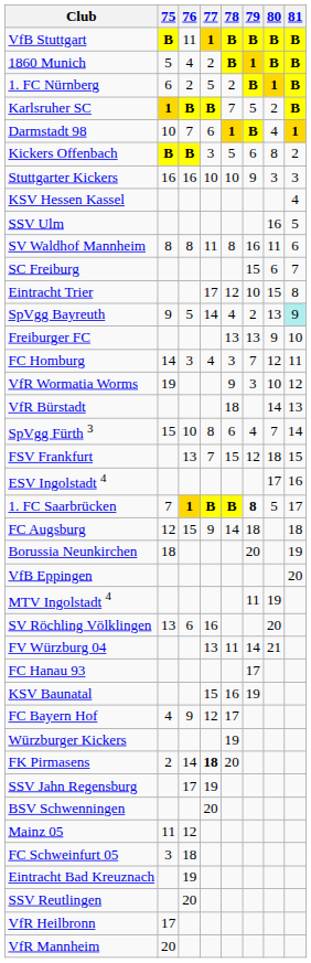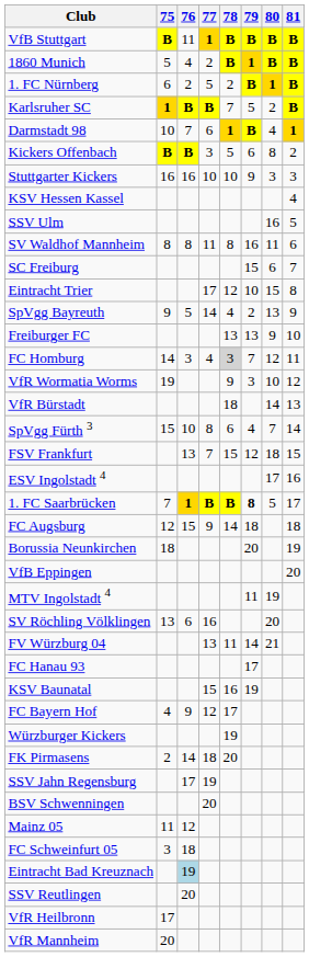 <table class="wikitable sortable">
 <tr>
 <th>Club</th>
 <th class="unsortable"><a href='#'>75</a></th>
 <th class="unsortable"><a href='#'>76</a></th>
 <th class="unsortable"><a href='#'>77</a></th>
 <th class="unsortable"><a href='#'>78</a></th>
 <th class="unsortable"><a href='#'>79</a></th>
 <th class="unsortable"><a href='#'>80</a></th>
 <th class="unsortable"><a href='#'>81</a></th>
 </tr>
 <tr align="center">
 <td align="left"><a href='#'>VfB Stuttgart</a></td>
 <td style="background:#FFFF00"><strong>B</strong></td>
 <td>11</td>
 <td style="background:gold"><strong>1</strong></td>
 <td style="background:#FFFF00"><strong>B</strong></td>
 <td style="background:#FFFF00"><strong>B</strong></td>
 <td style="background:#FFFF00"><strong>B</strong></td>
 <td style="background:#FFFF00"><strong>B</strong></td>
 </tr>
 <tr align="center">
 <td align="left"><a href='#'>1860 Munich</a></td>
 <td>5</td>
 <td>4</td>
 <td>2</td>
 <td style="background:#FFFF00"><strong>B</strong></td>
 <td style="background:gold"><strong>1</strong></td>
 <td style="background:#FFFF00"><strong>B</strong></td>
 <td style="background:#FFFF00"><strong>B</strong></td>
 </tr>
 <tr align="center">
 <td align="left"><a href='#'>1. FC Nürnberg</a></td>
 <td>6</td>
 <td>2</td>
 <td>5</td>
 <td>2</td>
 <td style="background:#FFFF00"><strong>B</strong></td>
 <td style="background:gold"><strong>1</strong></td>
 <td style="background:#FFFF00"><strong>B</strong></td>
 </tr>
 <tr align="center">
 <td align="left"><a href='#'>Karlsruher SC</a></td>
 <td style="background:gold"><strong>1</strong></td>
 <td style="background:#FFFF00"><strong>B</strong></td>
 <td style="background:#FFFF00"><strong>B</strong></td>
 <td>7</td>
 <td>5</td>
 <td>2</td>
 <td style="background:#FFFF00"><strong>B</strong></td>
 </tr>
 <tr align="center">
 <td align="left"><a href='#'>Darmstadt 98</a></td>
 <td>10</td>
 <td>7</td>
 <td>6</td>
 <td style="background:gold"><strong>1</strong></td>
 <td style="background:#FFFF00"><strong>B</strong></td>
 <td>4</td>
 <td style="background:gold"><strong>1</strong></td>
 </tr>
 <tr align="center">
 <td align="left"><a href='#'>Kickers Offenbach</a></td>
 <td style="background:#FFFF00"><strong>B</strong></td>
 <td style="background:#FFFF00"><strong>B</strong></td>
 <td>3</td>
 <td>5</td>
 <td>6</td>
 <td>8</td>
 <td>2</td>
 </tr>
 <tr align="center">
 <td align="left"><a href='#'>Stuttgarter Kickers</a></td>
 <td>16</td>
 <td>16</td>
 <td>10</td>
 <td>10</td>
 <td>9</td>
 <td>3</td>
 <td>3</td>
 </tr>
 <tr align="center">
 <td align="left"><a href='#'>KSV Hessen Kassel</a></td>
 <td></td>
 <td></td>
 <td></td>
 <td></td>
 <td></td>
 <td></td>
 <td>4</td>
 </tr>
 <tr align="center">
 <td align="left"><a href='#'>SSV Ulm</a></td>
 <td></td>
 <td></td>
 <td></td>
 <td></td>
 <td></td>
 <td>16</td>
 <td>5</td>
 </tr>
 <tr align="center">
 <td align="left"><a href='#'>SV Waldhof Mannheim</a></td>
 <td>8</td>
 <td>8</td>
 <td>11</td>
 <td>8</td>
 <td>16</td>
 <td>11</td>
 <td>6</td>
 </tr>
 <tr align="center">
 <td align="left"><a href='#'>SC Freiburg</a></td>
 <td></td>
 <td></td>
 <td></td>
 <td></td>
 <td>15</td>
 <td>6</td>
 <td>7</td>
 </tr>
 <tr align="center">
 <td align="left"><a href='#'>Eintracht Trier</a></td>
 <td></td>
 <td></td>
 <td>17</td>
 <td>12</td>
 <td>10</td>
 <td>15</td>
 <td>8</td>
 </tr>
 <tr align="center">
 <td align="left"><a href='#'>SpVgg Bayreuth</a></td>
 <td>9</td>
 <td>5</td>
 <td>14</td>
 <td>4</td>
 <td>2</td>
 <td>13</td>
-<td style="background: paleturquoise;">9</td>
+<td>9</td>
 </tr>
 <tr align="center">
 <td align="left"><a href='#'>Freiburger FC</a></td>
 <td></td>
 <td></td>
 <td></td>
 <td>13</td>
 <td>13</td>
 <td>9</td>
 <td>10</td>
 </tr>
 <tr align="center">
 <td align="left"><a href='#'>FC Homburg</a></td>
 <td>14</td>
 <td>3</td>
 <td>4</td>
-<td>3</td>
+<td style="background: lightgrey;">3</td>
 <td>7</td>
 <td>12</td>
 <td>11</td>
 </tr>
 <tr align="center">
 <td align="left"><a href='#'>VfR Wormatia Worms</a></td>
 <td>19</td>
 <td></td>
 <td></td>
 <td>9</td>
 <td>3</td>
 <td>10</td>
 <td>12</td>
 </tr>
 <tr align="center">
 <td align="left"><a href='#'>VfR Bürstadt</a></td>
 <td></td>
 <td></td>
 <td></td>
 <td>18</td>
 <td></td>
 <td>14</td>
 <td>13</td>
 </tr>
 <tr align="center">
 <td align="left"><a href='#'>SpVgg Fürth</a> <sup>3</sup></td>
 <td>15</td>
 <td>10</td>
 <td>8</td>
 <td>6</td>
 <td>4</td>
 <td>7</td>
 <td>14</td>
 </tr>
 <tr align="center">
 <td align="left"><a href='#'>FSV Frankfurt</a></td>
 <td></td>
 <td>13</td>
 <td>7</td>
 <td>15</td>
 <td>12</td>
 <td>18</td>
 <td>15</td>
 </tr>
 <tr align="center">
 <td align="left"><a href='#'>ESV Ingolstadt</a> <sup>4</sup></td>
 <td></td>
 <td></td>
 <td></td>
 <td></td>
 <td></td>
 <td>17</td>
 <td>16</td>
 </tr>
 <tr align="center">
 <td align="left"><a href='#'>1. FC Saarbrücken</a></td>
 <td>7</td>
 <td style="background:gold"><strong>1</strong></td>
 <td style="background:#FFFF00"><strong>B</strong></td>
 <td style="background:#FFFF00"><strong>B</strong></td>
 <td><strong>8</strong></td>
 <td>5</td>
 <td>17</td>
 </tr>
 <tr align="center">
 <td align="left"><a href='#'>FC Augsburg</a></td>
 <td>12</td>
 <td>15</td>
 <td>9</td>
 <td>14</td>
 <td>18</td>
 <td></td>
 <td>18</td>
 </tr>
 <tr align="center">
 <td align="left"><a href='#'>Borussia Neunkirchen</a></td>
 <td>18</td>
 <td></td>
 <td></td>
 <td></td>
 <td>20</td>
 <td></td>
 <td>19</td>
 </tr>
 <tr align="center">
 <td align="left"><a href='#'>VfB Eppingen</a></td>
 <td></td>
 <td></td>
 <td></td>
 <td></td>
 <td></td>
 <td></td>
 <td>20</td>
 </tr>
 <tr align="center">
 <td align="left"><a href='#'>MTV Ingolstadt</a> <sup>4</sup></td>
 <td></td>
 <td></td>
 <td></td>
 <td></td>
 <td>11</td>
 <td>19</td>
 <td></td>
 </tr>
 <tr align="center">
 <td align="left"><a href='#'>SV Röchling Völklingen</a></td>
 <td>13</td>
 <td>6</td>
 <td>16</td>
 <td></td>
 <td></td>
 <td>20</td>
 <td></td>
 </tr>
 <tr align="center">
 <td align="left"><a href='#'>FV Würzburg 04</a></td>
 <td></td>
 <td></td>
 <td>13</td>
 <td>11</td>
 <td>14</td>
 <td>21</td>
 <td></td>
 </tr>
 <tr align="center">
 <td align="left"><a href='#'>FC Hanau 93</a></td>
 <td></td>
 <td></td>
 <td></td>
 <td></td>
 <td>17</td>
 <td></td>
 <td></td>
 </tr>
 <tr align="center">
 <td align="left"><a href='#'>KSV Baunatal</a></td>
 <td></td>
 <td></td>
 <td>15</td>
 <td>16</td>
 <td>19</td>
 <td></td>
 <td></td>
 </tr>
 <tr align="center">
 <td align="left"><a href='#'>FC Bayern Hof</a></td>
 <td>4</td>
 <td>9</td>
 <td>12</td>
 <td>17</td>
 <td></td>
 <td></td>
 <td></td>
 </tr>
 <tr align="center">
 <td align="left"><a href='#'>Würzburger Kickers</a></td>
 <td></td>
 <td></td>
 <td></td>
 <td>19</td>
 <td></td>
 <td></td>
 <td></td>
 </tr>
 <tr align="center">
 <td align="left"><a href='#'>FK Pirmasens</a></td>
 <td>2</td>
 <td>14</td>
-<td><strong>18</strong></td>
+<td>18</td>
 <td>20</td>
 <td></td>
 <td></td>
 <td></td>
 </tr>
 <tr align="center">
 <td align="left"><a href='#'>SSV Jahn Regensburg</a></td>
 <td></td>
 <td>17</td>
 <td>19</td>
 <td></td>
 <td></td>
 <td></td>
 <td></td>
 </tr>
 <tr align="center">
 <td align="left"><a href='#'>BSV Schwenningen</a></td>
 <td></td>
 <td></td>
 <td>20</td>
 <td></td>
 <td></td>
 <td></td>
 <td></td>
 </tr>
 <tr align="center">
 <td align="left"><a href='#'>Mainz 05</a></td>
 <td>11</td>
 <td>12</td>
 <td></td>
 <td></td>
 <td></td>
 <td></td>
 <td></td>
 </tr>
 <tr align="center">
 <td align="left"><a href='#'>FC Schweinfurt 05</a></td>
 <td>3</td>
 <td>18</td>
 <td></td>
 <td></td>
 <td></td>
 <td></td>
 <td></td>
 </tr>
 <tr align="center">
 <td align="left"><a href='#'>Eintracht Bad Kreuznach</a></td>
 <td></td>
-<td>19</td>
+<td style="background: lightblue;">19</td>
 <td></td>
 <td></td>
 <td></td>
 <td></td>
 <td></td>
 </tr>
 <tr align="center">
 <td align="left"><a href='#'>SSV Reutlingen</a></td>
 <td></td>
 <td>20</td>
 <td></td>
 <td></td>
 <td></td>
 <td></td>
 <td></td>
 </tr>
 <tr align="center">
 <td align="left"><a href='#'>VfR Heilbronn</a></td>
 <td>17</td>
 <td></td>
 <td></td>
 <td></td>
 <td></td>
 <td></td>
 <td></td>
 </tr>
 <tr align="center">
 <td align="left"><a href='#'>VfR Mannheim</a></td>
 <td>20</td>
 <td></td>
 <td></td>
 <td></td>
 <td></td>
 <td></td>
 <td></td>
 </tr>
 </table>
